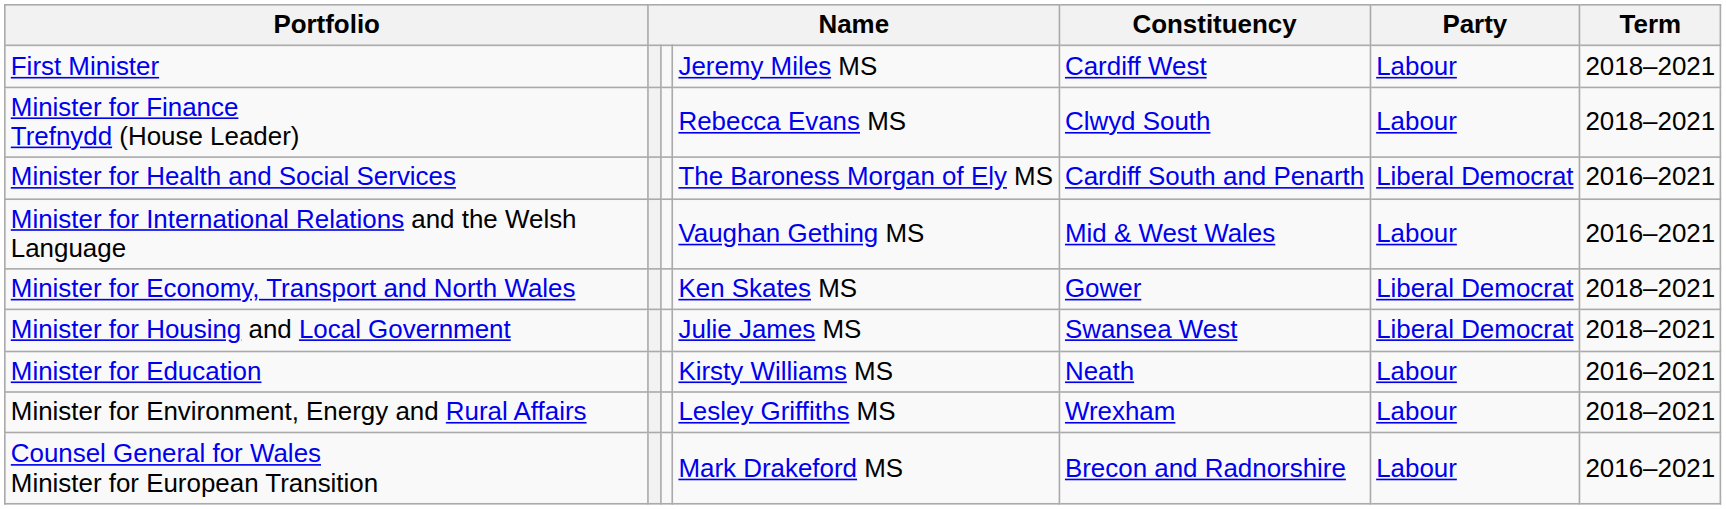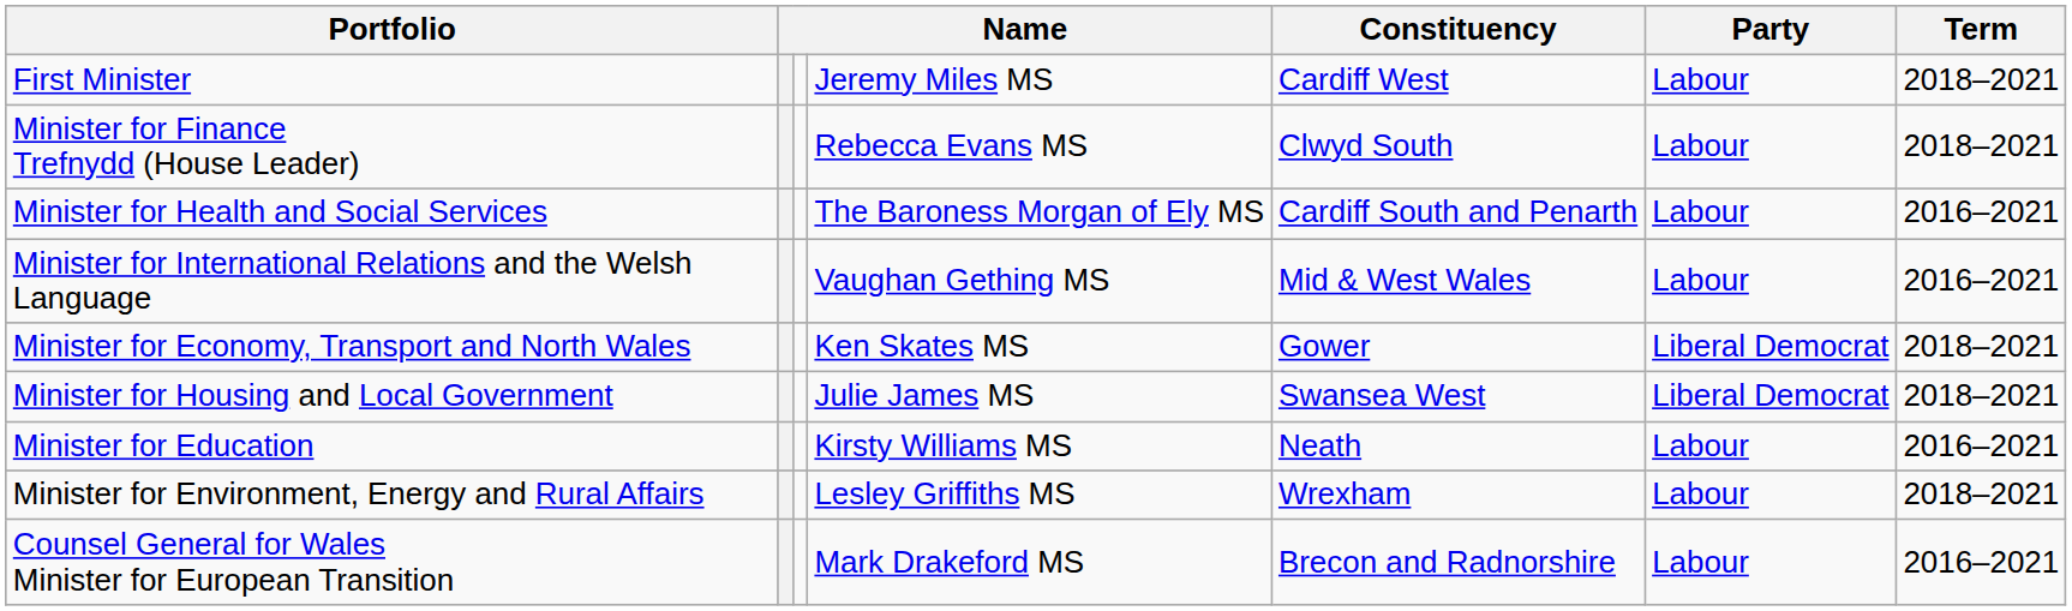 <table class="wikitable">
 <tr>
 <th style="width: 390px">Portfolio</th>
 <th colspan="3">Name</th>
 <th>Constituency</th>
 <th>Party</th>
 <th>Term</th>
 </tr>
 <tr>
 <td><a href='#'>First Minister</a></td>
 <th style="background-color: "></th>
 <td></td>
 <td><a href='#'>Jeremy Miles</a> MS</td>
 <td><a href='#'>Cardiff West</a></td>
 <td><a href='#'>Labour</a></td>
 <td>2018–2021</td>
 </tr>
 <tr>
 <td><a href='#'>Minister for Finance</a><br><a href='#'>Trefnydd</a> (House Leader)</td>
 <th style="background-color: "></th>
 <td></td>
 <td><a href='#'>Rebecca Evans</a> MS</td>
 <td><a href='#'>Clwyd South</a></td>
 <td><a href='#'>Labour</a></td>
 <td>2018–2021</td>
 </tr>
 <tr>
 <td><a href='#'>Minister for Health and Social Services</a></td>
 <th style="background-color: "></th>
 <td></td>
 <td><a href='#'>The Baroness Morgan of Ely</a> MS</td>
 <td><a href='#'>Cardiff South and Penarth</a></td>
-<td><a href='#'>Liberal Democrat</a></td>
+<td><a href='#'>Labour</a></td>
 <td>2016–2021</td>
 </tr>
 <tr>
 <td><a href='#'>Minister for International Relations</a> and the Welsh Language</td>
 <th style="background-color: "></th>
 <td></td>
 <td><a href='#'>Vaughan Gething</a> MS</td>
 <td><a href='#'>Mid & West Wales</a></td>
 <td><a href='#'>Labour</a></td>
 <td>2016–2021</td>
 </tr>
 <tr>
 <td><a href='#'>Minister for Economy, Transport and North Wales</a></td>
 <th style="background-color: "></th>
 <td></td>
 <td><a href='#'>Ken Skates</a> MS</td>
 <td><a href='#'>Gower</a></td>
 <td><a href='#'>Liberal Democrat</a></td>
 <td>2018–2021</td>
 </tr>
 <tr>
 <td><a href='#'>Minister for Housing</a> and <a href='#'>Local Government</a></td>
 <th style="background-color: "></th>
 <td></td>
 <td><a href='#'>Julie James</a> MS</td>
 <td><a href='#'>Swansea West</a></td>
 <td><a href='#'>Liberal Democrat</a></td>
 <td>2018–2021</td>
 </tr>
 <tr>
 <td><a href='#'>Minister for Education</a></td>
 <th style="background-color: "></th>
 <td></td>
 <td><a href='#'>Kirsty Williams</a> MS</td>
 <td><a href='#'>Neath</a></td>
 <td><a href='#'>Labour</a></td>
 <td>2016–2021</td>
 </tr>
 <tr>
 <td>Minister for Environment, Energy and <a href='#'>Rural Affairs</a></td>
 <th style="background-color: "></th>
 <td></td>
 <td><a href='#'>Lesley Griffiths</a> MS</td>
 <td><a href='#'>Wrexham</a></td>
 <td><a href='#'>Labour</a></td>
 <td>2018–2021</td>
 </tr>
 <tr>
 <td><a href='#'>Counsel General for Wales</a><br>Minister for European Transition</td>
 <th style="background-color: "></th>
 <td></td>
 <td><a href='#'>Mark Drakeford</a> MS</td>
 <td><a href='#'>Brecon and Radnorshire</a></td>
 <td><a href='#'>Labour</a></td>
 <td>2016–2021</td>
 </tr>
 </table>
